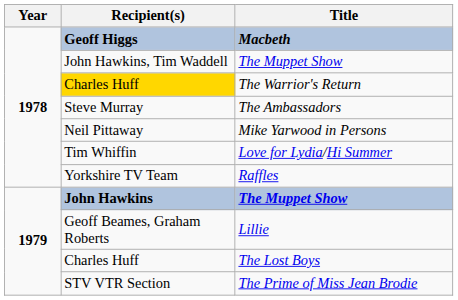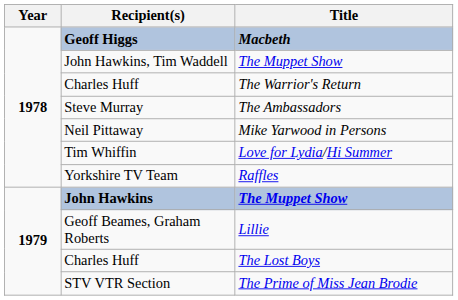 <table class="wikitable" width="80%">
 <tr>
 <th width=5%>Year</th>
 <th width=20%><strong>Recipient(s)</strong></th>
 <th width=25%><strong>Title</strong></th>
 </tr>
 <tr>
 <td rowspan="7" style="text-align:center;"><strong>1978</strong></td>
 <td style="background:#B0C4DE;"><strong>Geoff Higgs</strong></td>
 <td style="background:#B0C4DE;"><strong><em>Macbeth</em></strong></td>
 </tr>
 <tr>
 <td>John Hawkins, Tim Waddell</td>
 <td><em><a href='#'>The Muppet Show</a></em></td>
 </tr>
 <tr>
-<td style="background: gold;">Charles Huff</td>
+<td>Charles Huff</td>
 <td><em>The Warrior's Return</em></td>
 </tr>
 <tr>
 <td>Steve Murray</td>
 <td><em>The Ambassadors</em></td>
 </tr>
 <tr>
 <td>Neil Pittaway</td>
 <td><em>Mike Yarwood in Persons</em></td>
 </tr>
 <tr>
 <td>Tim Whiffin</td>
 <td><em><a href='#'>Love for Lydia</a>/<a href='#'>Hi Summer</a></em></td>
 </tr>
 <tr>
 <td>Yorkshire TV Team</td>
 <td><em><a href='#'>Raffles</a></em></td>
 </tr>
 <tr>
 <td rowspan="4" style="text-align:center;"><strong>1979</strong></td>
 <td style="background:#B0C4DE;"><strong>John Hawkins</strong></td>
 <td style="background:#B0C4DE;"><strong><em><a href='#'>The Muppet Show</a></em></strong></td>
 </tr>
 <tr>
 <td>Geoff Beames, Graham Roberts</td>
 <td><em><a href='#'>Lillie</a></em></td>
 </tr>
 <tr>
 <td>Charles Huff</td>
 <td><em><a href='#'>The Lost Boys</a></em></td>
 </tr>
 <tr>
 <td>STV VTR Section</td>
 <td><em><a href='#'>The Prime of Miss Jean Brodie</a></em></td>
 </tr>
 </table>
